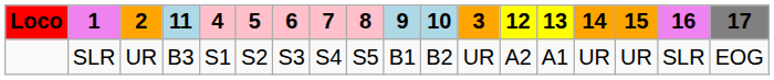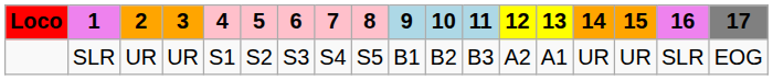 <table class="wikitable plainrowheaders unsortable" style="text-align:center">
 <tr>
 <th scope="col" rowspan="1" style="background:red;">Loco</th>
 <th scope="col" rowspan="1" style="background:violet;">1</th>
 <th scope="col" rowspan="1" style="background:orange;">2</th>
-<th scope="col" rowspan="1" style="background:lightblue;">11</th>
+<th scope="col" rowspan="1" style="background:orange;">3</th>
 <th scope="col" rowspan="1" style="background:pink;">4</th>
 <th scope="col" rowspan="1" style="background:pink;">5</th>
 <th scope="col" rowspan="1" style="background:pink;">6</th>
 <th scope="col" rowspan="1" style="background:pink;">7</th>
 <th scope="col" rowspan="1" style="background:pink;">8</th>
 <th scope="col" rowspan="1" style="background:lightblue;">9</th>
 <th scope="col" rowspan="1" style="background:lightblue;">10</th>
-<th scope="col" rowspan="1" style="background:orange;">3</th>
+<th scope="col" rowspan="1" style="background:lightblue;">11</th>
 <th scope="col" rowspan="1" style="background:yellow;">12</th>
 <th scope="col" rowspan="1" style="background:yellow;">13</th>
 <th scope="col" rowspan="1" style="background:orange;">14</th>
 <th scope="col" rowspan="1" style="background:orange;">15</th>
 <th scope="col" rowspan="1" style="background:violet;">16</th>
 <th scope="col" rowspan="1" style="background:grey;">17</th>
 </tr>
 <tr>
 <td></td>
 <td>SLR</td>
 <td>UR</td>
-<td>B3</td>
+<td>UR</td>
 <td>S1</td>
 <td>S2</td>
 <td>S3</td>
 <td>S4</td>
 <td>S5</td>
 <td>B1</td>
 <td>B2</td>
-<td>UR</td>
+<td>B3</td>
 <td>A2</td>
 <td>A1</td>
 <td>UR</td>
 <td>UR</td>
 <td>SLR</td>
 <td>EOG</td>
 </tr>
 </table>
